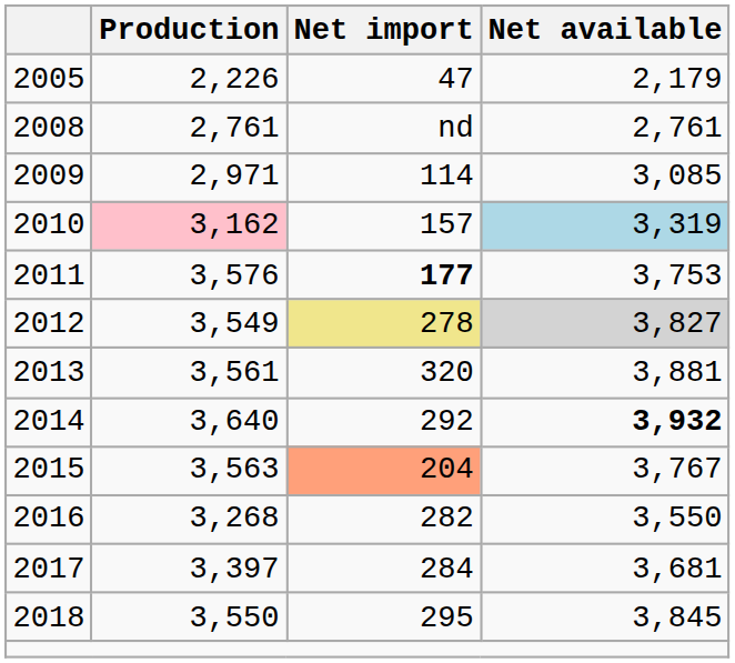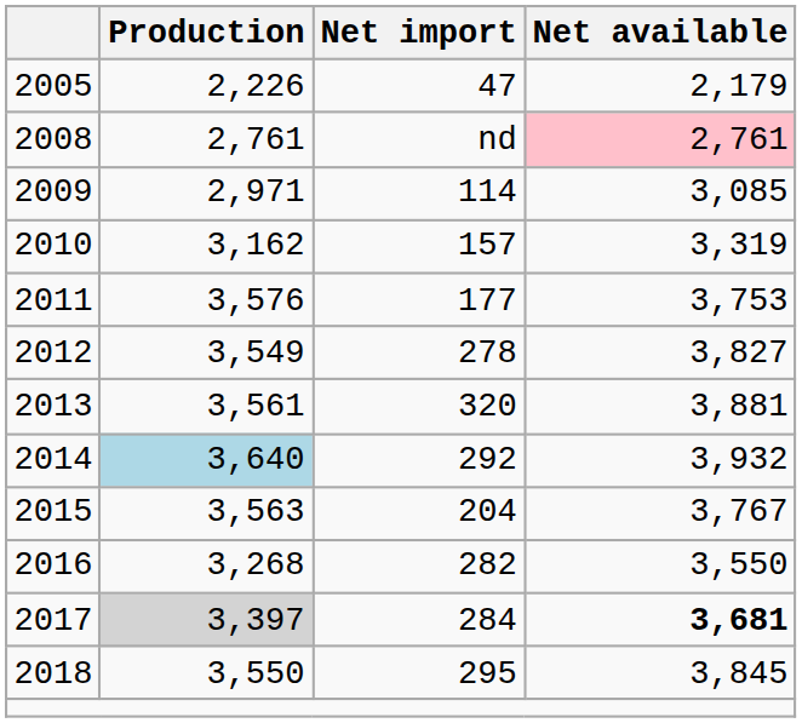 <table class="wikitable" style="text-align:right;">
 <tr>
 <th></th>
 <th>Production</th>
 <th>Net import</th>
 <th>Net available</th>
 </tr>
 <tr>
 <td align="left">2005</td>
 <td>2,226</td>
 <td>47</td>
 <td>2,179</td>
 </tr>
 <tr>
 <td align="left">2008</td>
 <td>2,761</td>
 <td>nd</td>
-<td>2,761</td>
+<td style="background: pink;">2,761</td>
 </tr>
 <tr>
 <td align="left">2009</td>
 <td>2,971</td>
 <td>114</td>
 <td>3,085</td>
 </tr>
 <tr>
 <td align="left">2010</td>
-<td style="background: pink;">3,162</td>
+<td>3,162</td>
 <td>157</td>
-<td style="background: lightblue;">3,319</td>
+<td>3,319</td>
 </tr>
 <tr>
 <td align="left">2011</td>
 <td>3,576</td>
-<td><strong>177</strong></td>
+<td>177</td>
 <td>3,753</td>
 </tr>
 <tr>
 <td align="left">2012</td>
 <td>3,549</td>
-<td style="background: khaki;">278</td>
-<td style="background: lightgrey;">3,827</td>
+<td>278</td>
+<td>3,827</td>
 </tr>
 <tr>
 <td align="left">2013</td>
 <td>3,561</td>
 <td>320</td>
 <td>3,881</td>
 </tr>
 <tr>
 <td align="left">2014</td>
-<td>3,640</td>
+<td style="background: lightblue;">3,640</td>
 <td>292</td>
-<td><strong>3,932</strong></td>
+<td>3,932</td>
 </tr>
 <tr>
 <td align="left">2015</td>
 <td>3,563</td>
-<td style="background: lightsalmon;">204</td>
+<td>204</td>
 <td>3,767</td>
 </tr>
 <tr>
 <td align="left">2016</td>
 <td>3,268</td>
 <td>282</td>
 <td>3,550</td>
 </tr>
 <tr>
 <td align="left">2017</td>
-<td>3,397</td>
+<td style="background: lightgrey;">3,397</td>
 <td>284</td>
-<td>3,681</td>
+<td><strong>3,681</strong></td>
 </tr>
 <tr>
 <td align="left">2018</td>
 <td>3,550</td>
 <td>295</td>
 <td>3,845</td>
 </tr>
 <tr>
 <td align="left" colspan=4></td>
 </tr>
 </table>
